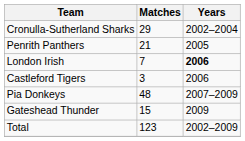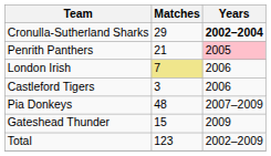 <table class="wikitable">
 <tr>
 <th>Team</th>
 <th>Matches</th>
 <th>Years</th>
 </tr>
 <tr>
 <td>Cronulla-Sutherland Sharks</td>
 <td>29</td>
-<td>2002–2004</td>
+<td><strong>2002–2004</strong></td>
 </tr>
 <tr>
 <td>Penrith Panthers</td>
 <td>21</td>
-<td>2005</td>
+<td style="background: pink;">2005</td>
 </tr>
 <tr>
 <td>London Irish</td>
-<td>7</td>
-<td><strong>2006</strong></td>
+<td style="background: khaki;">7</td>
+<td>2006</td>
 </tr>
 <tr>
 <td>Castleford Tigers</td>
 <td>3</td>
 <td>2006</td>
 </tr>
 <tr>
 <td>Pia Donkeys</td>
 <td>48</td>
 <td>2007–2009</td>
 </tr>
 <tr>
 <td>Gateshead Thunder</td>
 <td>15</td>
 <td>2009</td>
 </tr>
 <tr>
 <td>Total</td>
 <td>123</td>
 <td>2002–2009</td>
 </tr>
 <tr>
 </tr>
 </table>
